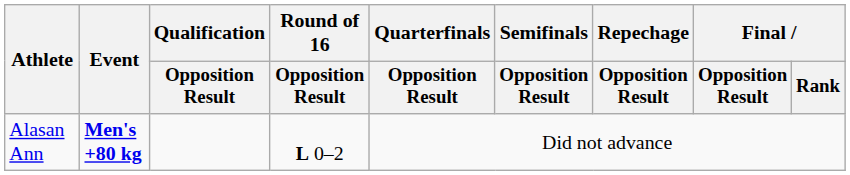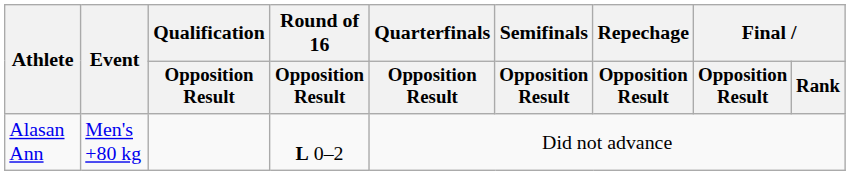 <table class=wikitable style=font-size:90%;text-align:center>
 <tr>
 <th rowspan=2>Athlete</th>
 <th rowspan=2>Event</th>
 <th>Qualification</th>
 <th>Round of 16</th>
 <th>Quarterfinals</th>
 <th>Semifinals</th>
 <th>Repechage</th>
 <th colspan=2>Final / </th>
 </tr>
 <tr style=font-size:95%>
 <th>Opposition<br>Result</th>
 <th>Opposition<br>Result</th>
 <th>Opposition<br>Result</th>
 <th>Opposition<br>Result</th>
 <th>Opposition<br>Result</th>
 <th>Opposition<br>Result</th>
 <th>Rank</th>
 </tr>
 <tr align=center>
 <td align=left><a href='#'>Alasan Ann</a></td>
-<td align=left><strong><a href='#'>Men's +80 kg</a></strong></td>
+<td align=left><a href='#'>Men's +80 kg</a></td>
 <td></td>
 <td><br><strong>L</strong> 0–2</td>
 <td colspan="5">Did not advance</td>
 </tr>
 </table>
